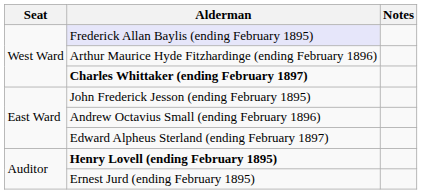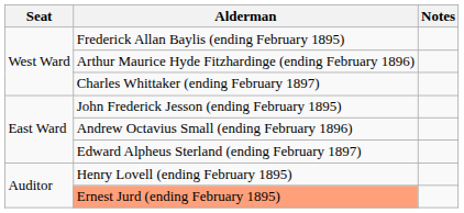 <table class="wikitable">
 <tr>
 <th>Seat</th>
 <th>Alderman</th>
 <th>Notes</th>
 </tr>
 <tr>
 <td rowspan="3">West Ward</td>
-<td style="background: lavender;">Frederick Allan Baylis (ending February 1895)</td>
+<td>Frederick Allan Baylis (ending February 1895)</td>
 <td></td>
 </tr>
 <tr>
 <td>Arthur Maurice Hyde Fitzhardinge (ending February 1896)</td>
 <td></td>
 </tr>
 <tr>
-<td><strong>Charles Whittaker (ending February 1897)</strong></td>
+<td>Charles Whittaker (ending February 1897)</td>
 <td></td>
 </tr>
 <tr>
 <td rowspan="3">East Ward</td>
 <td>John Frederick Jesson (ending February 1895)</td>
 <td></td>
 </tr>
 <tr>
 <td>Andrew Octavius Small (ending February 1896)</td>
 <td></td>
 </tr>
 <tr>
 <td>Edward Alpheus Sterland (ending February 1897)</td>
 <td></td>
 </tr>
 <tr>
 <td rowspan="3">Auditor</td>
-<td><strong>Henry Lovell (ending February 1895)</strong></td>
+<td>Henry Lovell (ending February 1895)</td>
 <td></td>
 </tr>
 <tr>
-<td>Ernest Jurd (ending February 1895)</td>
+<td style="background: lightsalmon;">Ernest Jurd (ending February 1895)</td>
 <td></td>
 </tr>
 </table>
